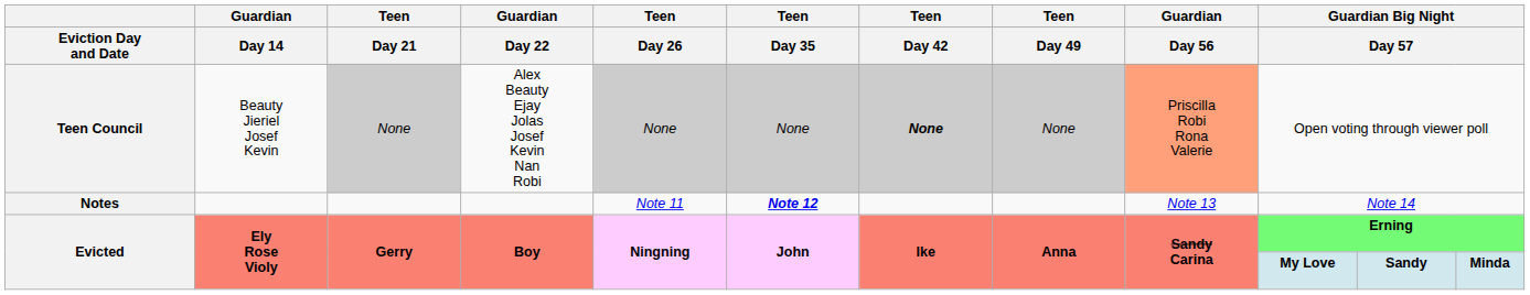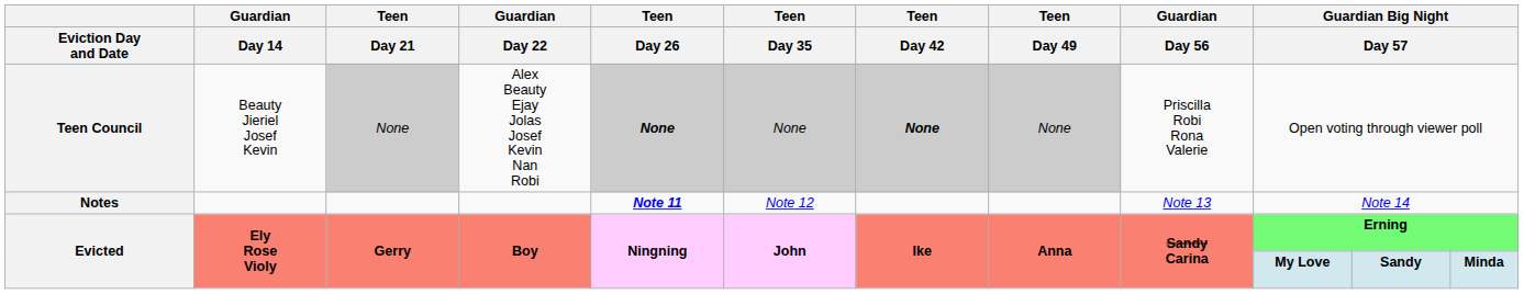 <table class="wikitable" style="font-size:90%; text-align:center; margin-left: auto; width: 100%; margin-right: auto">
 <tr>
 <th style="width: 12.5%;"></th>
 <th style="width: 8.75%;">Guardian<br></th>
 <th style="width: 8.75%;">Teen<br></th>
 <th style="width: 8.75%;">Guardian<br> </th>
 <th style="width: 8.75%;">Teen<br></th>
 <th style="width: 8.75%;">Teen<br></th>
 <th style="width: 8.75%;">Teen<br></th>
 <th style="width: 8.75%;">Teen<br></th>
 <th style="width: 8.75%;">Guardian<br></th>
 <th colspan=3>Guardian Big Night</th>
 </tr>
 <tr>
 <th>Eviction Day<br>and Date</th>
 <th>Day 14<br></th>
 <th>Day 21<br></th>
 <th>Day 22<br></th>
 <th>Day 26<br></th>
 <th>Day 35<br></th>
 <th>Day 42<br></th>
 <th>Day 49<br></th>
 <th>Day 56<br></th>
 <th colspan=3>Day 57<br></th>
 </tr>
 <tr>
 <th>Teen Council</th>
 <td>Beauty<br>Jieriel<br>Josef<br>Kevin</td>
 <td style="background:#CCCCCC; text-align:center;"><em>None</em></td>
 <td>Alex<br>Beauty<br>Ejay<br>Jolas<br>Josef<br>Kevin<br>Nan<br>Robi</td>
-<td style="background:#CCCCCC; text-align:center;"><em>None</em></td>
+<td style="background:#CCCCCC; text-align:center;"><strong><em>None</em></strong></td>
 <td style="background:#CCCCCC; text-align:center;"><em>None</em></td>
 <td style="background:#CCCCCC; text-align:center;"><strong><em>None</em></strong></td>
 <td style="background:#CCCCCC; text-align:center;"><em>None</em></td>
-<td style="background: lightsalmon;">Priscilla<br>Robi<br>Rona<br>Valerie</td>
+<td>Priscilla<br>Robi<br>Rona<br>Valerie</td>
 <td colspan=3>Open voting through viewer poll</td>
 </tr>
 <tr>
 <th>Notes</th>
 <td></td>
 <td></td>
 <td></td>
-<td><em><a href='#'>Note 11</a></em></td>
-<td><strong><em><a href='#'>Note 12</a></em></strong></td>
+<td><strong><em><a href='#'>Note 11</a></em></strong></td>
+<td><em><a href='#'>Note 12</a></em></td>
 <td></td>
 <td></td>
 <td><em><a href='#'>Note 13</a></em></td>
 <td colspan=3><em><a href='#'>Note 14</a></em></td>
 </tr>
 <tr>
 <th rowspan=2>Evicted</th>
 <td style="background:#FA8072" rowspan=2><strong>Ely<br>Rose<br>Violy</strong></td>
 <td style="background:#FA8072" rowspan=2><strong>Gerry</strong></td>
 <td style="background:#FA8072" rowspan=2><strong>Boy</strong></td>
 <td style="background:#FFCCFF" rowspan=2><strong>Ningning</strong></td>
 <td style="background:#FFCCFF" rowspan=2><strong>John</strong></td>
 <td style="background:#FA8072" rowspan=2><strong>Ike</strong></td>
 <td style="background:#FA8072" rowspan=2><strong>Anna</strong></td>
 <td style="background:#FA8072" rowspan=2><strong><s>Sandy</s></strong><br><strong>Carina</strong></td>
 <td style="background:#73FB76" colspan=3><strong>Erning<br></strong><br></td>
 </tr>
 <tr>
 <td style="width: 6.5%; background:#D1E8EF"><strong>My Love<br></strong><br></td>
 <td style="width: 6.5%; background:#D1E8EF"><strong>Sandy<br></strong><br></td>
 <td style="width: 6.5%; background:#D1E8EF"><strong>Minda<br></strong><br></td>
 </tr>
 </table>
